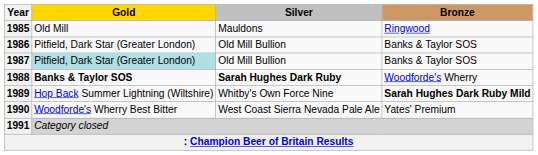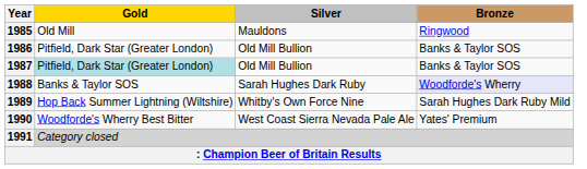 <table class="wikitable">
 <tr>
 <th>Year</th>
 <th style="background:gold;"><strong>Gold</strong></th>
 <th style="background:silver;"><strong>Silver</strong></th>
 <th style="background:#c96;"><strong>Bronze</strong></th>
 </tr>
 <tr>
 <th>1985</th>
 <td>Old Mill</td>
 <td>Mauldons</td>
 <td><a href='#'>Ringwood</a></td>
 </tr>
 <tr>
 <th>1986</th>
 <td>Pitfield, Dark Star (Greater London)</td>
 <td>Old Mill Bullion</td>
 <td>Banks & Taylor SOS</td>
 </tr>
 <tr>
 <th>1987</th>
 <td style="background:powderblue;">Pitfield, Dark Star (Greater London)</td>
 <td>Old Mill Bullion</td>
 <td>Banks & Taylor SOS</td>
 </tr>
 <tr>
 <th>1988</th>
-<td><strong>Banks & Taylor SOS</strong></td>
-<td><strong>Sarah Hughes Dark Ruby</strong></td>
-<td><a href='#'>Woodforde's</a> Wherry</td>
+<td>Banks & Taylor SOS</td>
+<td>Sarah Hughes Dark Ruby</td>
+<td style="background: lavender;"><a href='#'>Woodforde's</a> Wherry</td>
 </tr>
 <tr>
 <th>1989</th>
 <td><a href='#'>Hop Back</a> Summer Lightning (Wiltshire)</td>
 <td>Whitby's Own Force Nine</td>
-<td><strong>Sarah Hughes Dark Ruby Mild</strong></td>
+<td>Sarah Hughes Dark Ruby Mild</td>
 </tr>
 <tr>
 <th>1990</th>
 <td><a href='#'>Woodforde's</a> Wherry Best Bitter</td>
 <td>West Coast Sierra Nevada Pale Ale</td>
 <td>Yates' Premium</td>
 </tr>
 <tr>
 <th>1991</th>
 <td style="background:lightgray;" colspan="3"><em>Category closed</em></td>
 </tr>
 <tr>
 <th colspan="4">: <a href='#'>Champion Beer of Britain Results</a></th>
 </tr>
 </table>
